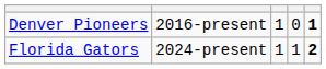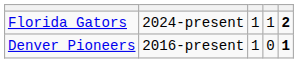 <table class="wikitable sortable">
 <tr>
 <th></th>
 <th></th>
 <th></th>
 <th></th>
 <th></th>
 </tr>
 <tr>
+<td><a href='#'>Florida Gators</a></td>
+<td>2024-present</td>
+<td style="text-align: center;">1</td>
+<td style="text-align: center;">1</td>
+<td style="text-align: center;"><strong>2</strong></td>
+</tr>
+<tr>
 <td><a href='#'>Denver Pioneers</a></td>
 <td>2016-present</td>
 <td style="text-align: center;">1</td>
 <td style="text-align: center;">0</td>
 <td style="text-align: center;"><strong>1</strong></td>
 </tr>
-<tr>
-<td><a href='#'>Florida Gators</a></td>
-<td>2024-present</td>
-<td style="text-align: center;">1</td>
-<td style="text-align: center;">1</td>
-<td style="text-align: center;"><strong>2</strong></td>
-</tr>
 </table>
